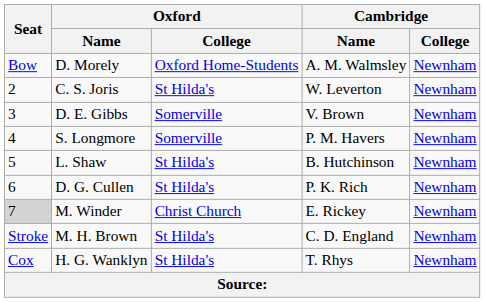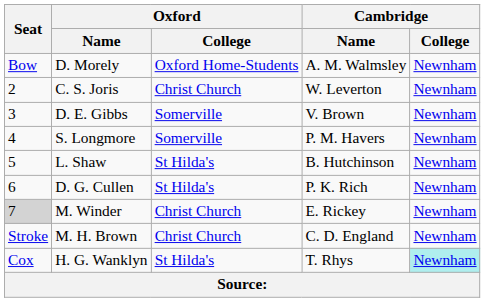 <table class="wikitable">
 <tr>
 <th rowspan="2" scope="col">Seat</th>
 <th colspan="2" scope="col">Oxford <br> </th>
 <th colspan="2" scope="col">Cambridge <br> </th>
 </tr>
 <tr>
 <th>Name</th>
 <th>College</th>
 <th>Name</th>
 <th>College</th>
 </tr>
 <tr>
 <td><a href='#'>Bow</a></td>
 <td>D. Morely</td>
 <td><a href='#'>Oxford Home-Students</a></td>
 <td>A. M. Walmsley</td>
 <td><a href='#'>Newnham</a></td>
 </tr>
 <tr>
 <td>2</td>
 <td>C. S. Joris</td>
-<td><a href='#'>St Hilda's</a></td>
+<td><a href='#'>Christ Church</a></td>
 <td>W. Leverton</td>
 <td><a href='#'>Newnham</a></td>
 </tr>
 <tr>
 <td>3</td>
 <td>D. E. Gibbs</td>
 <td><a href='#'>Somerville</a></td>
 <td>V. Brown</td>
 <td><a href='#'>Newnham</a></td>
 </tr>
 <tr>
 <td>4</td>
 <td>S. Longmore</td>
 <td><a href='#'>Somerville</a></td>
 <td>P. M. Havers</td>
 <td><a href='#'>Newnham</a></td>
 </tr>
 <tr>
 <td>5</td>
 <td>L. Shaw</td>
 <td><a href='#'>St Hilda's</a></td>
 <td>B. Hutchinson</td>
 <td><a href='#'>Newnham</a></td>
 </tr>
 <tr>
 <td>6</td>
 <td>D. G. Cullen</td>
 <td><a href='#'>St Hilda's</a></td>
 <td>P. K. Rich</td>
 <td><a href='#'>Newnham</a></td>
 </tr>
 <tr>
 <td style="background: lightgrey;">7</td>
 <td>M. Winder</td>
 <td><a href='#'>Christ Church</a></td>
 <td>E. Rickey</td>
 <td><a href='#'>Newnham</a></td>
 </tr>
 <tr>
 <td><a href='#'>Stroke</a></td>
 <td>M. H. Brown</td>
-<td><a href='#'>St Hilda's</a></td>
+<td><a href='#'>Christ Church</a></td>
 <td>C. D. England</td>
 <td><a href='#'>Newnham</a></td>
 </tr>
 <tr>
 <td><a href='#'>Cox</a></td>
 <td>H. G. Wanklyn</td>
 <td><a href='#'>St Hilda's</a></td>
 <td>T. Rhys</td>
-<td><a href='#'>Newnham</a></td>
+<td style="background: paleturquoise;"><a href='#'>Newnham</a></td>
 </tr>
 <tr>
 <th colspan="7">Source:</th>
 </tr>
 </table>
